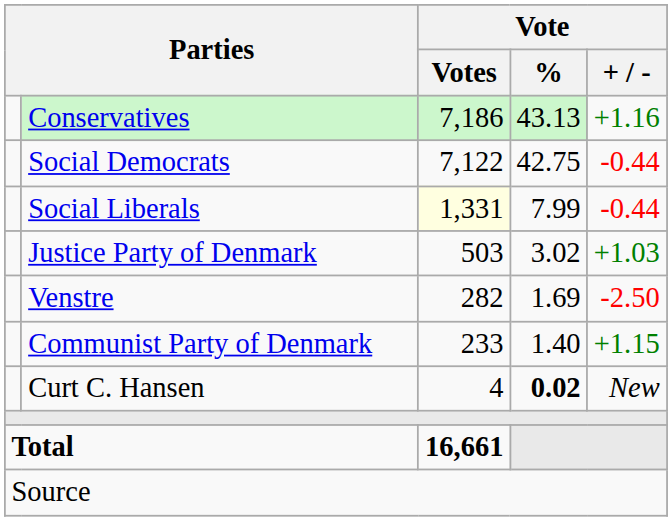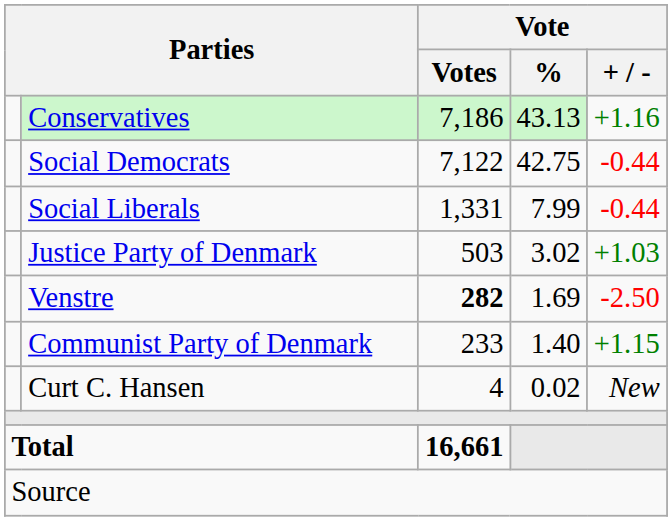 <table class="wikitable" style="text-align:right;">
 <tr>
 <th style="text-align:centre;" rowspan="2" colspan="2" width="225">Parties</th>
 <th colspan="3">Vote</th>
 </tr>
 <tr>
 <th width="15">Votes</th>
 <th width="15">%</th>
 <th width="15">+ / -</th>
 </tr>
 <tr>
 <td width="2" style="color:inherit;background:"></td>
 <td bgcolor=#ccf7cc  align="left"><a href='#'>Conservatives</a></td>
 <td bgcolor=#ccf7cc>7,186</td>
 <td bgcolor=#ccf7cc>43.13</td>
 <td style=color:green;>+1.16</td>
 </tr>
 <tr>
 <td width="2" style="color:inherit;background:"></td>
 <td align="left"><a href='#'>Social Democrats</a></td>
 <td>7,122</td>
 <td>42.75</td>
 <td style=color:red;>-0.44</td>
 </tr>
 <tr>
 <td width="2" style="color:inherit;background:"></td>
 <td align="left"><a href='#'>Social Liberals</a></td>
-<td style="background: lightyellow;">1,331</td>
+<td>1,331</td>
 <td>7.99</td>
 <td style=color:red;>-0.44</td>
 </tr>
 <tr>
 <td width="2" style="color:inherit;background:"></td>
 <td align="left"><a href='#'>Justice Party of Denmark</a></td>
 <td>503</td>
 <td>3.02</td>
 <td style=color:green;>+1.03</td>
 </tr>
 <tr>
 <td width="2" style="color:inherit;background:"></td>
 <td align="left"><a href='#'>Venstre</a></td>
-<td>282</td>
+<td><strong>282</strong></td>
 <td>1.69</td>
 <td style=color:red;>-2.50</td>
 </tr>
 <tr>
 <td width="2" style="color:inherit;background:"></td>
 <td align="left"><a href='#'>Communist Party of Denmark</a></td>
 <td>233</td>
 <td>1.40</td>
 <td style=color:green;>+1.15</td>
 </tr>
 <tr>
 <td width="2" style="color:inherit;background:"></td>
 <td align="left">Curt C. Hansen</td>
 <td>4</td>
-<td><strong>0.02</strong></td>
+<td>0.02</td>
 <td><em>New</em></td>
 </tr>
 <tr>
 <td colspan="7" bgcolor="#E9E9E9"></td>
 </tr>
 <tr>
 <td align="left" colspan="2"><strong>Total</strong></td>
 <td><strong>16,661</strong></td>
 <td bgcolor="#E9E9E9" colspan="2"></td>
 </tr>
 <tr>
 <td align="left" colspan="6">Source</td>
 </tr>
 </table>
